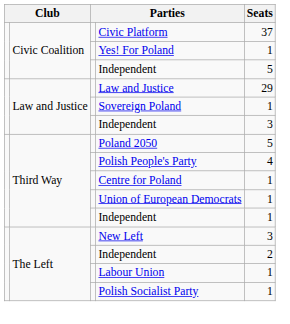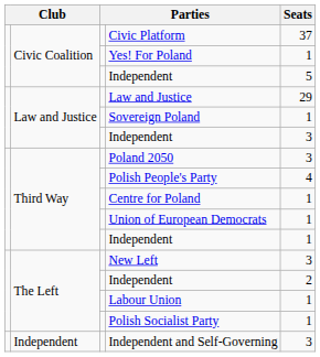 <table class="wikitable sortable">
 <tr>
 <th colspan="2">Club</th>
 <th colspan="2">Parties</th>
 <th>Seats</th>
 </tr>
 <tr>
 <td rowspan="3" style="background: "></td>
 <td rowspan="3">Civic Coalition</td>
 <td style="background: "></td>
 <td><a href='#'>Civic Platform</a></td>
 <td align=right>37</td>
 </tr>
 <tr>
 <td style="background: "></td>
 <td><a href='#'>Yes! For Poland</a></td>
 <td align=right>1</td>
 </tr>
 <tr>
 <td style="background: "></td>
 <td>Independent</td>
 <td align=right>5</td>
 </tr>
 <tr>
 <td rowspan="3" style="background: "></td>
 <td rowspan="3">Law and Justice</td>
 <td style="background: "></td>
 <td><a href='#'>Law and Justice</a></td>
 <td align=right>29</td>
 </tr>
 <tr>
 <td style="background: "></td>
 <td><a href='#'>Sovereign Poland</a></td>
 <td align=right>1</td>
 </tr>
 <tr>
 <td style="background: "></td>
 <td>Independent</td>
 <td align=right>3</td>
 </tr>
 <tr>
 <td rowspan="5" style="background: "></td>
 <td rowspan="5">Third Way</td>
 <td style="background: "></td>
 <td><a href='#'>Poland 2050</a></td>
-<td align=right>5</td>
+<td align=right>3</td>
 </tr>
 <tr>
 <td style="background: "></td>
 <td><a href='#'>Polish People's Party</a></td>
 <td align=right>4</td>
 </tr>
 <tr>
 <td style="background: "></td>
 <td><a href='#'>Centre for Poland</a></td>
 <td align=right>1</td>
 </tr>
 <tr>
 <td style="background: "></td>
 <td><a href='#'>Union of European Democrats</a></td>
 <td align=right>1</td>
 </tr>
 <tr>
 <td style="background: "></td>
 <td>Independent</td>
 <td align=right>1</td>
 </tr>
 <tr>
 <td rowspan="4" style="background: "></td>
 <td rowspan="4">The Left</td>
 <td style="background: "></td>
 <td><a href='#'>New Left</a></td>
 <td align=right>3</td>
 </tr>
 <tr>
 <td style="background: "></td>
 <td>Independent</td>
 <td align=right>2</td>
 </tr>
 <tr>
 <td style="background: "></td>
 <td><a href='#'>Labour Union</a></td>
 <td align=right>1</td>
 </tr>
 <tr>
 <td style="background: "></td>
 <td><a href='#'>Polish Socialist Party</a></td>
 <td align=right>1</td>
 </tr>
+<tr>
+<td style="background: "></td>
+<td>Independent</td>
+<td style="background: "></td>
+<td>Independent and Self-Governing</td>
+<td align=right>3</td>
+</tr>
 </table>
